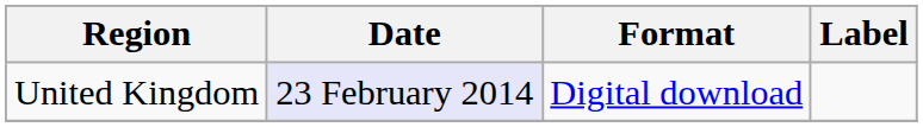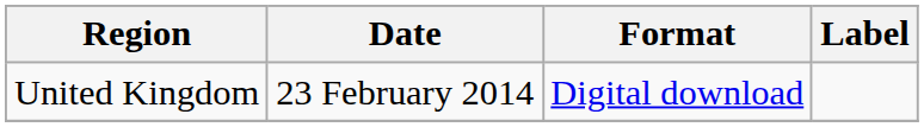 <table class=wikitable>
 <tr>
 <th scope="col">Region</th>
 <th scope="col">Date</th>
 <th scope="col">Format</th>
 <th scope="col">Label</th>
 </tr>
 <tr>
 <td>United Kingdom</td>
-<td style="background: lavender;">23 February 2014</td>
+<td>23 February 2014</td>
 <td><a href='#'>Digital download</a></td>
 <td></td>
 </tr>
 <tr>
 </tr>
 </table>
